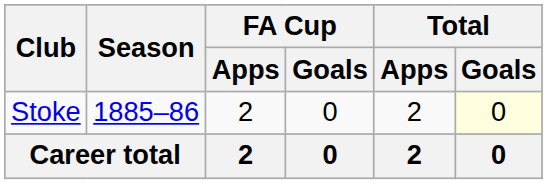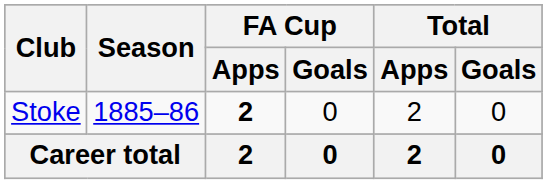 <table class="wikitable" style="text-align: center;">
 <tr>
 <th rowspan="2">Club</th>
 <th rowspan="2">Season</th>
 <th colspan="2">FA Cup</th>
 <th colspan="2">Total</th>
 </tr>
 <tr>
 <th>Apps</th>
 <th>Goals</th>
 <th>Apps</th>
 <th>Goals</th>
 </tr>
 <tr>
 <td><a href='#'>Stoke</a></td>
 <td><a href='#'>1885–86</a></td>
+<td><strong>2</strong></td>
+<td>0</td>
 <td>2</td>
 <td>0</td>
-<td>2</td>
-<td style="background: lightyellow;">0</td>
 </tr>
 <tr>
 <th colspan="2">Career total</th>
 <th>2</th>
 <th>0</th>
 <th>2</th>
 <th>0</th>
 </tr>
 </table>
